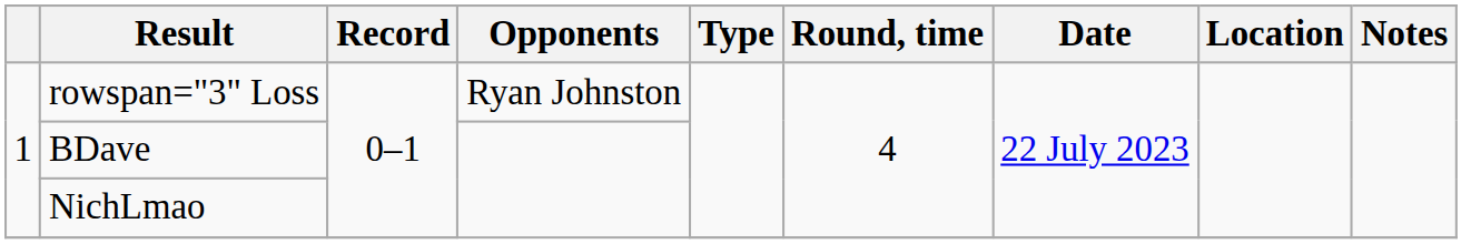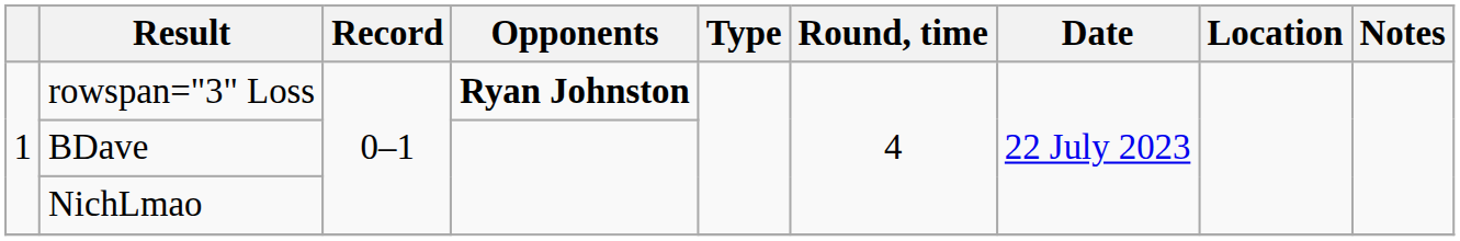 <table class="wikitable" style="text-align:center">
 <tr>
 <th></th>
 <th>Result</th>
 <th>Record</th>
 <th>Opponents</th>
 <th>Type</th>
 <th>Round, time</th>
 <th>Date</th>
 <th>Location</th>
 <th>Notes</th>
 </tr>
 <tr>
 <td rowspan="3">1</td>
 <td>rowspan="3" Loss</td>
 <td rowspan="3">0–1</td>
-<td style="text-align:left;">Ryan Johnston</td>
+<td style="text-align:left;"><strong>Ryan Johnston</strong></td>
 <td rowspan="3"></td>
 <td rowspan="3">4</td>
 <td rowspan="3"><a href='#'>22 July 2023</a></td>
 <td rowspan="3" style="text-align:left;"></td>
 <td rowspan="3" style="text-align:left;"></td>
 </tr>
 <tr>
 <td style="text-align:left;">BDave</td>
 </tr>
 <tr>
 <td style="text-align:left;">NichLmao</td>
 </tr>
 <tr>
 </tr>
 </table>
